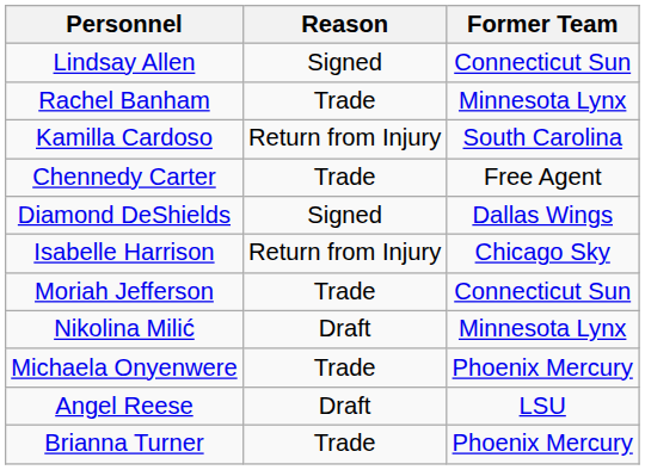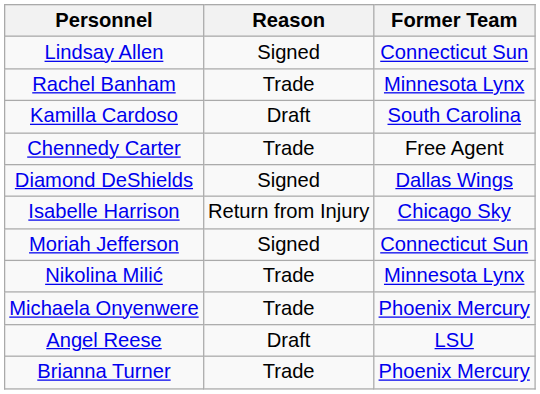 <table class="wikitable" style="text-align: center">
 <tr align="center" bgcolor="#dddddd">
 <th><strong>Personnel</strong></th>
 <th><strong>Reason</strong></th>
 <th><strong>Former Team</strong></th>
 </tr>
 <tr>
 <td><a href='#'>Lindsay Allen</a></td>
 <td>Signed</td>
 <td><a href='#'>Connecticut Sun</a></td>
 </tr>
 <tr>
 <td><a href='#'>Rachel Banham</a></td>
 <td>Trade</td>
 <td><a href='#'>Minnesota Lynx</a></td>
 </tr>
 <tr>
 <td><a href='#'>Kamilla Cardoso</a></td>
-<td>Return from Injury</td>
+<td>Draft</td>
 <td><a href='#'>South Carolina</a></td>
 </tr>
 <tr>
 <td><a href='#'>Chennedy Carter</a></td>
 <td>Trade</td>
 <td>Free Agent</td>
 </tr>
 <tr>
 <td><a href='#'>Diamond DeShields</a></td>
 <td>Signed</td>
 <td><a href='#'>Dallas Wings</a></td>
 </tr>
 <tr>
 <td><a href='#'>Isabelle Harrison</a></td>
 <td>Return from Injury</td>
 <td><a href='#'>Chicago Sky</a></td>
 </tr>
 <tr>
 <td><a href='#'>Moriah Jefferson</a></td>
-<td>Trade</td>
+<td>Signed</td>
 <td><a href='#'>Connecticut Sun</a></td>
 </tr>
 <tr>
 <td><a href='#'>Nikolina Milić</a></td>
-<td>Draft</td>
+<td>Trade</td>
 <td><a href='#'>Minnesota Lynx</a></td>
 </tr>
 <tr>
 <td><a href='#'>Michaela Onyenwere</a></td>
 <td>Trade</td>
 <td><a href='#'>Phoenix Mercury</a></td>
 </tr>
 <tr>
 <td><a href='#'>Angel Reese</a></td>
 <td>Draft</td>
 <td><a href='#'>LSU</a></td>
 </tr>
 <tr>
 <td><a href='#'>Brianna Turner</a></td>
 <td>Trade</td>
 <td><a href='#'>Phoenix Mercury</a></td>
 </tr>
 </table>
